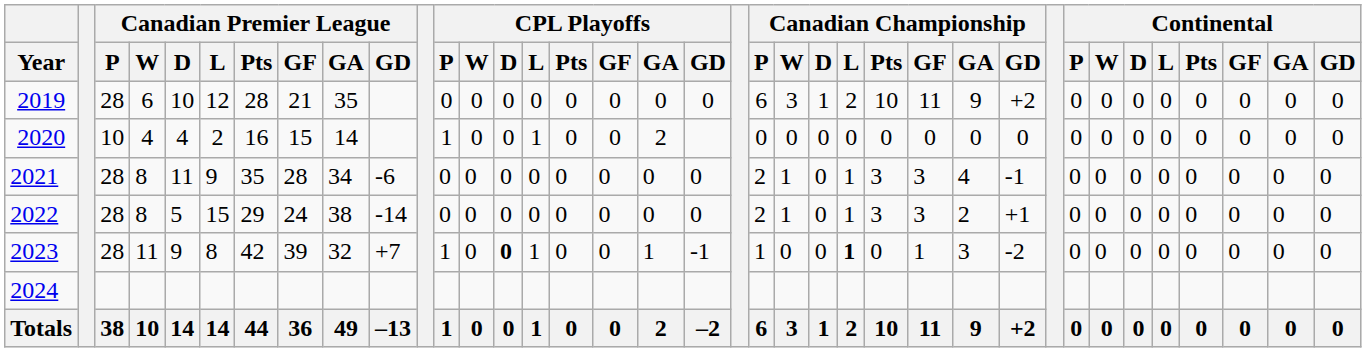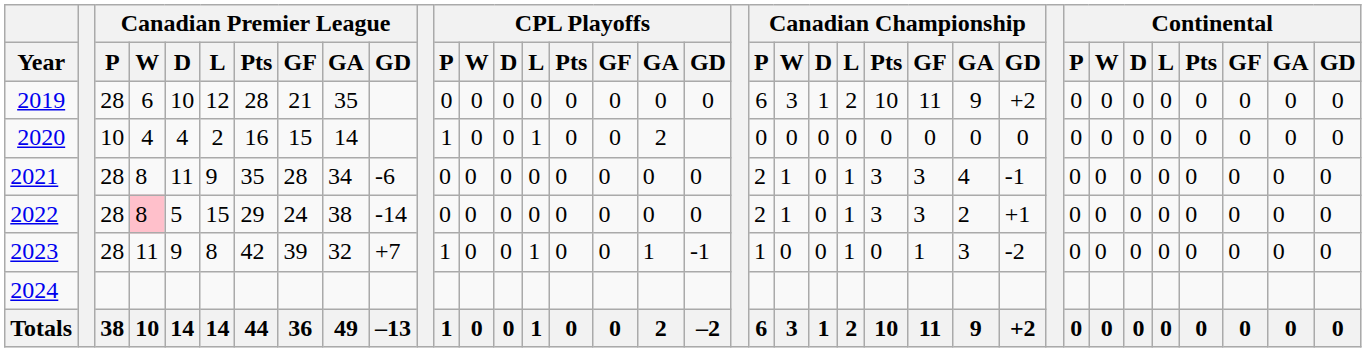 <table class="wikitable">
 <tr>
 <th colspan="1" bgcolor="#ffffff"> </th>
 <th rowspan="9" bgcolor="#ffffff"> </th>
 <th colspan="8">Canadian Premier League</th>
 <th rowspan="9" bgcolor="#ffffff"> </th>
 <th colspan="8">CPL Playoffs</th>
 <th rowspan="9" bgcolor="#ffffff"> </th>
 <th colspan="8">Canadian Championship</th>
 <th rowspan="9" bgcolor="#ffffff"> </th>
 <th colspan="8">Continental</th>
 </tr>
 <tr bgcolor="#e0e0e0">
 <th>Year</th>
 <th>P</th>
 <th>W</th>
 <th>D</th>
 <th>L</th>
 <th>Pts</th>
 <th>GF</th>
 <th>GA</th>
 <th>GD</th>
 <th>P</th>
 <th>W</th>
 <th>D</th>
 <th>L</th>
 <th>Pts</th>
 <th>GF</th>
 <th>GA</th>
 <th>GD</th>
 <th>P</th>
 <th>W</th>
 <th>D</th>
 <th>L</th>
 <th>Pts</th>
 <th>GF</th>
 <th>GA</th>
 <th>GD</th>
 <th>P</th>
 <th>W</th>
 <th>D</th>
 <th>L</th>
 <th>Pts</th>
 <th>GF</th>
 <th>GA</th>
 <th>GD</th>
 </tr>
 <tr ALIGN="center">
 <td><a href='#'>2019</a></td>
 <td>28</td>
 <td>6</td>
 <td>10</td>
 <td>12</td>
 <td>28</td>
 <td>21</td>
 <td>35</td>
 <td></td>
 <td>0</td>
 <td>0</td>
 <td>0</td>
 <td>0</td>
 <td>0</td>
 <td>0</td>
 <td>0</td>
 <td>0</td>
 <td>6</td>
 <td>3</td>
 <td>1</td>
 <td>2</td>
 <td>10</td>
 <td>11</td>
 <td>9</td>
 <td>+2</td>
 <td>0</td>
 <td>0</td>
 <td>0</td>
 <td>0</td>
 <td>0</td>
 <td>0</td>
 <td>0</td>
 <td>0</td>
 </tr>
 <tr ALIGN="center">
 <td><a href='#'>2020</a></td>
 <td>10</td>
 <td>4</td>
 <td>4</td>
 <td>2</td>
 <td>16</td>
 <td>15</td>
 <td>14</td>
 <td></td>
 <td>1</td>
 <td>0</td>
 <td>0</td>
 <td>1</td>
 <td>0</td>
 <td>0</td>
 <td>2</td>
 <td></td>
 <td>0</td>
 <td>0</td>
 <td>0</td>
 <td>0</td>
 <td>0</td>
 <td>0</td>
 <td>0</td>
 <td>0</td>
 <td>0</td>
 <td>0</td>
 <td>0</td>
 <td>0</td>
 <td>0</td>
 <td>0</td>
 <td>0</td>
 <td>0</td>
 </tr>
 <tr>
 <td><a href='#'>2021</a></td>
 <td>28</td>
 <td>8</td>
 <td>11</td>
 <td>9</td>
 <td>35</td>
 <td>28</td>
 <td>34</td>
 <td>-6</td>
 <td>0</td>
 <td>0</td>
 <td>0</td>
 <td>0</td>
 <td>0</td>
 <td>0</td>
 <td>0</td>
 <td>0</td>
 <td>2</td>
 <td>1</td>
 <td>0</td>
 <td>1</td>
 <td>3</td>
 <td>3</td>
 <td>4</td>
 <td>-1</td>
 <td>0</td>
 <td>0</td>
 <td>0</td>
 <td>0</td>
 <td>0</td>
 <td>0</td>
 <td>0</td>
 <td>0</td>
 </tr>
 <tr>
 <td><a href='#'>2022</a></td>
 <td>28</td>
-<td>8</td>
+<td style="background: pink;">8</td>
 <td>5</td>
 <td>15</td>
 <td>29</td>
 <td>24</td>
 <td>38</td>
 <td>-14</td>
 <td>0</td>
 <td>0</td>
 <td>0</td>
 <td>0</td>
 <td>0</td>
 <td>0</td>
 <td>0</td>
 <td>0</td>
 <td>2</td>
 <td>1</td>
 <td>0</td>
 <td>1</td>
 <td>3</td>
 <td>3</td>
 <td>2</td>
 <td>+1</td>
 <td>0</td>
 <td>0</td>
 <td>0</td>
 <td>0</td>
 <td>0</td>
 <td>0</td>
 <td>0</td>
 <td>0</td>
 </tr>
 <tr>
 <td><a href='#'>2023</a></td>
 <td>28</td>
 <td>11</td>
 <td>9</td>
 <td>8</td>
 <td>42</td>
 <td>39</td>
 <td>32</td>
 <td>+7</td>
 <td>1</td>
 <td>0</td>
-<td><strong>0</strong></td>
+<td>0</td>
 <td>1</td>
 <td>0</td>
 <td>0</td>
 <td>1</td>
 <td>-1</td>
 <td>1</td>
 <td>0</td>
 <td>0</td>
-<td><strong>1</strong></td>
+<td>1</td>
 <td>0</td>
 <td>1</td>
 <td>3</td>
 <td>-2</td>
 <td>0</td>
 <td>0</td>
 <td>0</td>
 <td>0</td>
 <td>0</td>
 <td>0</td>
 <td>0</td>
 <td>0</td>
 </tr>
 <tr>
 <td><a href='#'>2024</a></td>
 <td></td>
 <td></td>
 <td></td>
 <td></td>
 <td></td>
 <td></td>
 <td></td>
 <td></td>
 <td></td>
 <td></td>
 <td></td>
 <td></td>
 <td></td>
 <td></td>
 <td></td>
 <td></td>
 <td></td>
 <td></td>
 <td></td>
 <td></td>
 <td></td>
 <td></td>
 <td></td>
 <td></td>
 <td></td>
 <td></td>
 <td></td>
 <td></td>
 <td></td>
 <td></td>
 <td></td>
 <td></td>
 </tr>
 <tr ALIGN="center">
 <th colspan="1">Totals</th>
 <th>38</th>
 <th>10</th>
 <th>14</th>
 <th>14</th>
 <th>44</th>
 <th>36</th>
 <th>49</th>
 <th>–13</th>
 <th>1</th>
 <th>0</th>
 <th>0</th>
 <th>1</th>
 <th>0</th>
 <th>0</th>
 <th>2</th>
 <th>–2</th>
 <th>6</th>
 <th>3</th>
 <th>1</th>
 <th>2</th>
 <th>10</th>
 <th>11</th>
 <th>9</th>
 <th>+2</th>
 <th>0</th>
 <th>0</th>
 <th>0</th>
 <th>0</th>
 <th>0</th>
 <th>0</th>
 <th>0</th>
 <th>0</th>
 </tr>
 </table>
